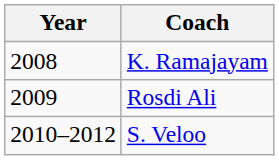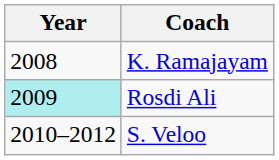 <table class="wikitable">
 <tr>
 <th>Year</th>
 <th>Coach</th>
 </tr>
 <tr>
 <td>2008</td>
 <td> <a href='#'>K. Ramajayam</a></td>
 </tr>
 <tr>
-<td>2009</td>
+<td style="background: paleturquoise;">2009</td>
 <td> <a href='#'>Rosdi Ali</a></td>
 </tr>
 <tr>
 <td>2010–2012</td>
 <td> <a href='#'>S. Veloo</a></td>
 </tr>
 </table>
